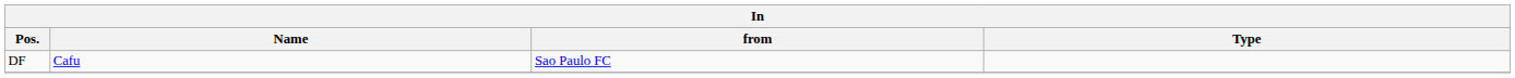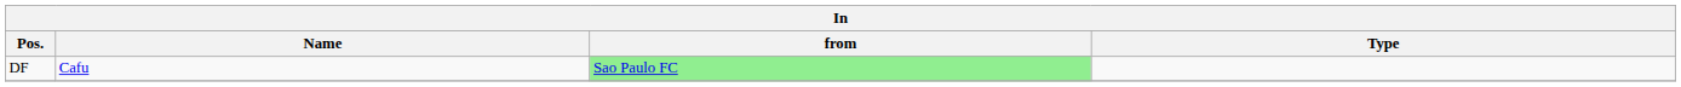 <table class="wikitable" style="font-size:90%;width:99%;">
 <tr>
 <th colspan="4">In</th>
 </tr>
 <tr>
 <th width=3%>Pos.</th>
 <th width=32%>Name</th>
 <th width=30%>from</th>
 <th width=35%>Type</th>
 </tr>
 <tr>
 <td>DF</td>
 <td><a href='#'>Cafu</a></td>
-<td><a href='#'>Sao Paulo FC</a></td>
+<td style="background: lightgreen;"><a href='#'>Sao Paulo FC</a></td>
 <td></td>
 </tr>
 <tr>
 </tr>
 </table>
